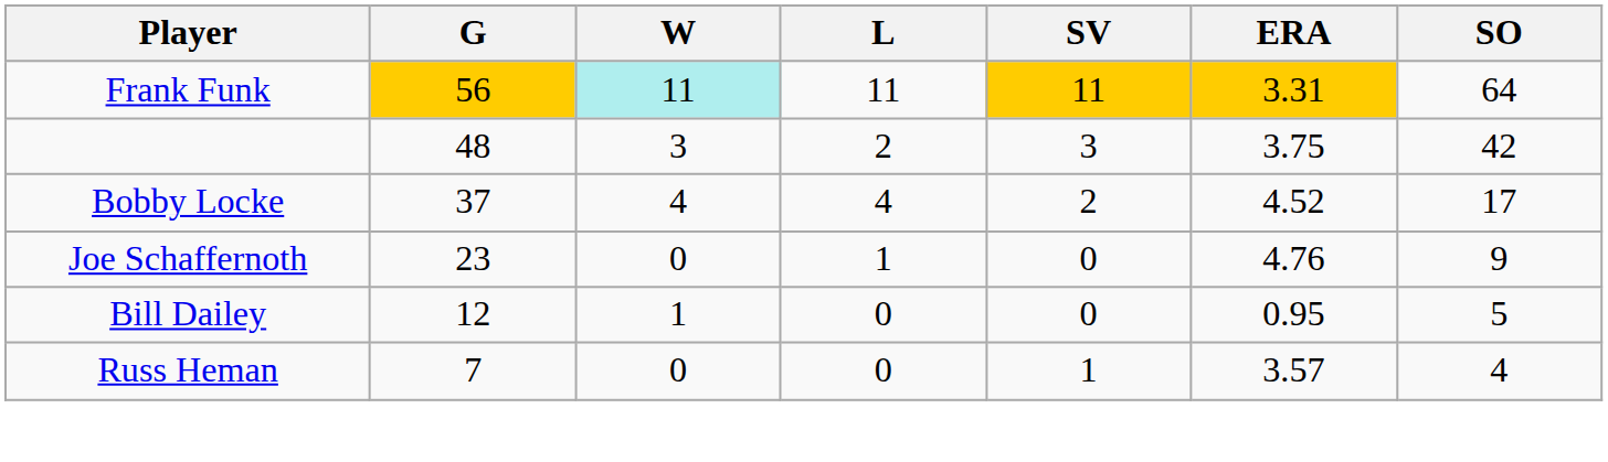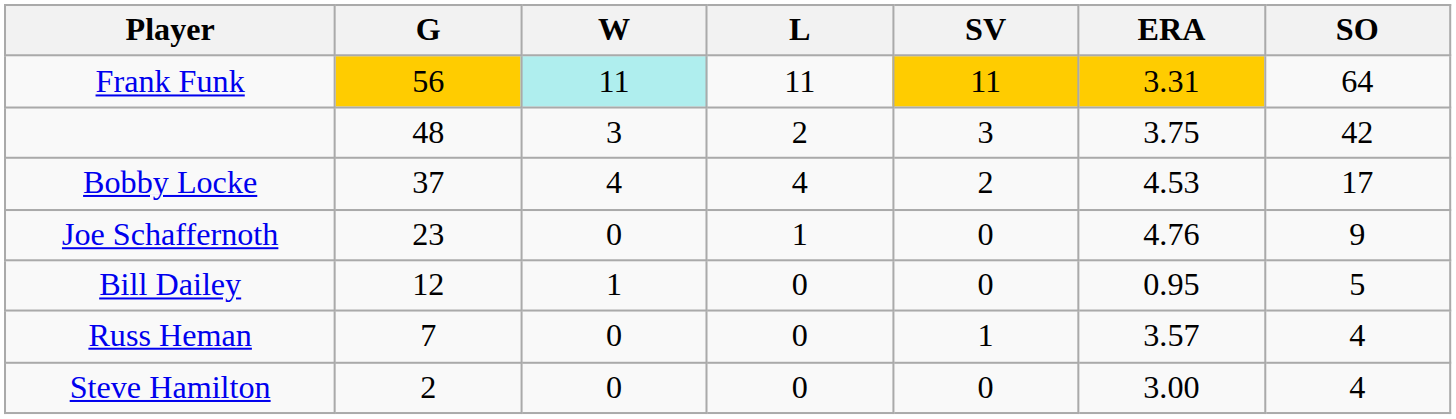 <table class="wikitable sortable">
 <tr>
 <th bgcolor="#DDDDFF" width="16%">Player</th>
 <th bgcolor="#DDDDFF" width="9%">G</th>
 <th bgcolor="#DDDDFF" width="9%">W</th>
 <th bgcolor="#DDDDFF" width="9%">L</th>
 <th bgcolor="#DDDDFF" width="9%">SV</th>
 <th bgcolor="#DDDDFF" width="9%">ERA</th>
 <th bgcolor="#DDDDFF" width="9%">SO</th>
 </tr>
 <tr align="center">
 <td><a href='#'>Frank Funk</a></td>
 <td style="background:#fc0;">56</td>
 <td style="background: paleturquoise;">11</td>
 <td>11</td>
 <td style="background:#fc0;">11</td>
 <td style="background:#fc0;">3.31</td>
 <td>64</td>
 </tr>
 <tr align="center">
 <td></td>
 <td>48</td>
 <td>3</td>
 <td>2</td>
 <td>3</td>
 <td>3.75</td>
 <td>42</td>
 </tr>
 <tr align="center">
 <td><a href='#'>Bobby Locke</a></td>
 <td>37</td>
 <td>4</td>
 <td>4</td>
 <td>2</td>
-<td>4.52</td>
+<td>4.53</td>
 <td>17</td>
 </tr>
 <tr align="center">
 <td><a href='#'>Joe Schaffernoth</a></td>
 <td>23</td>
 <td>0</td>
 <td>1</td>
 <td>0</td>
 <td>4.76</td>
 <td>9</td>
 </tr>
 <tr align="center">
 <td><a href='#'>Bill Dailey</a></td>
 <td>12</td>
 <td>1</td>
 <td>0</td>
 <td>0</td>
 <td>0.95</td>
 <td>5</td>
 </tr>
 <tr align="center">
 <td><a href='#'>Russ Heman</a></td>
 <td>7</td>
 <td>0</td>
 <td>0</td>
 <td>1</td>
 <td>3.57</td>
 <td>4</td>
 </tr>
+<tr align="center">
+<td><a href='#'>Steve Hamilton</a></td>
+<td>2</td>
+<td>0</td>
+<td>0</td>
+<td>0</td>
+<td>3.00</td>
+<td>4</td>
+</tr>
 </table>
